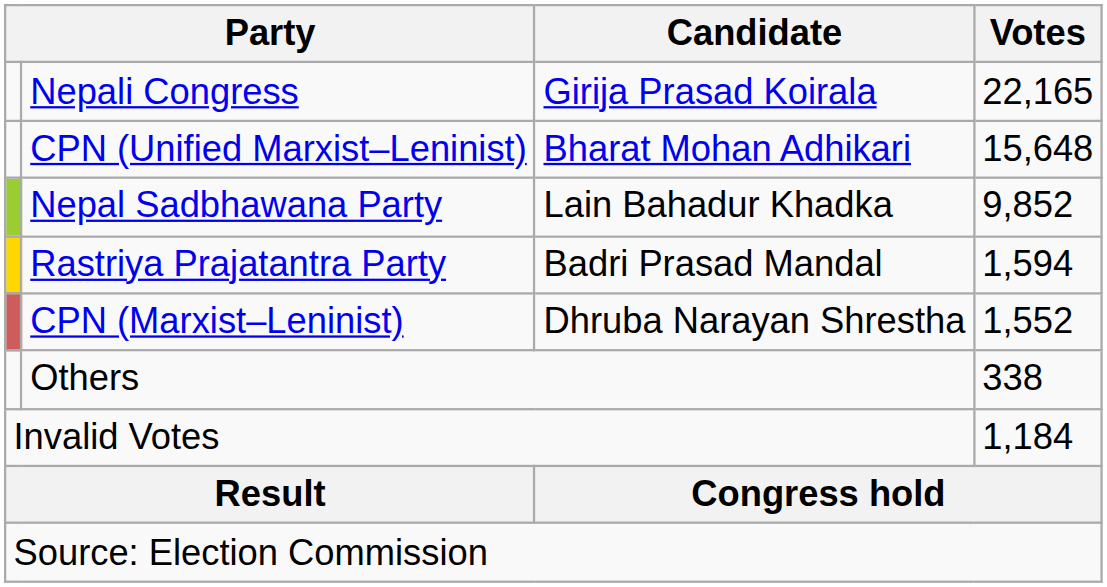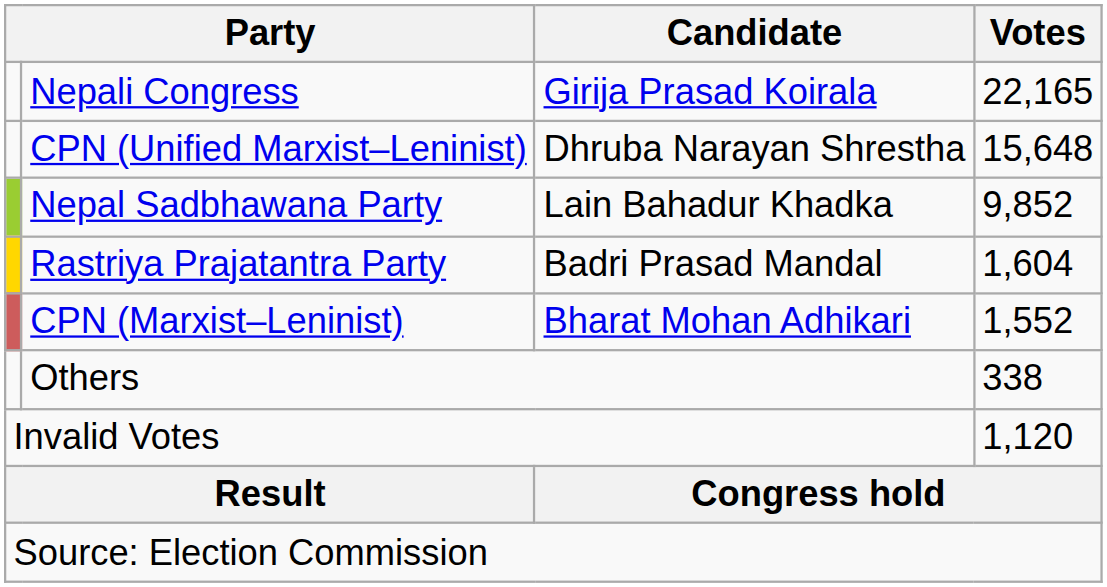 <table class="wikitable">
 <tr>
 <th colspan="2">Party</th>
 <th>Candidate</th>
 <th>Votes</th>
 </tr>
 <tr>
 <td style="background-color:"></td>
 <td><a href='#'>Nepali Congress</a></td>
 <td><a href='#'>Girija Prasad Koirala</a></td>
 <td>22,165</td>
 </tr>
 <tr>
 <td style="background-color:"></td>
 <td><a href='#'>CPN (Unified Marxist–Leninist)</a></td>
-<td><a href='#'>Bharat Mohan Adhikari</a></td>
+<td>Dhruba Narayan Shrestha</td>
 <td>15,648</td>
 </tr>
 <tr>
 <td style="background-color:yellowgreen"></td>
 <td><a href='#'>Nepal Sadbhawana Party</a></td>
 <td>Lain Bahadur Khadka</td>
 <td>9,852</td>
 </tr>
 <tr>
 <td style="background-color:gold"></td>
 <td><a href='#'>Rastriya Prajatantra Party</a></td>
 <td>Badri Prasad Mandal</td>
-<td>1,594</td>
+<td>1,604</td>
 </tr>
 <tr>
 <td style="background-color:indianred"></td>
 <td><a href='#'>CPN (Marxist–Leninist)</a></td>
-<td>Dhruba Narayan Shrestha</td>
+<td><a href='#'>Bharat Mohan Adhikari</a></td>
 <td>1,552</td>
 </tr>
 <tr>
 <td></td>
 <td colspan="2">Others</td>
 <td>338</td>
 </tr>
 <tr>
 <td colspan="3">Invalid Votes</td>
-<td>1,184</td>
+<td>1,120</td>
 </tr>
 <tr>
 <th colspan="2">Result</th>
 <th colspan="2">Congress hold</th>
 </tr>
 <tr>
 <td colspan="4">Source: Election Commission</td>
 </tr>
 </table>
